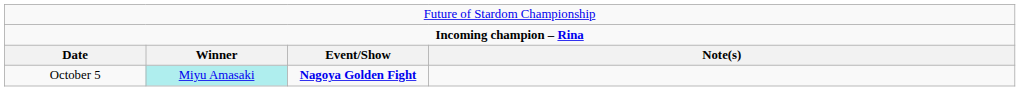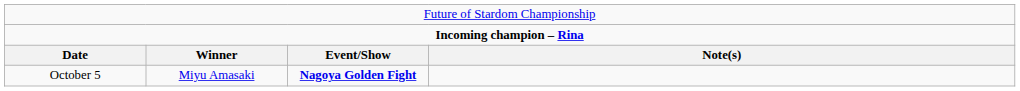 <table class="wikitable" style="text-align:center; width:100%;">
 <tr>
 <td colspan="4" style="text-align: center;"><a href='#'>Future of Stardom Championship</a></td>
 </tr>
 <tr>
 <td colspan="4" style="text-align: center;"><strong>Incoming champion – <a href='#'>Rina</a></strong></td>
 </tr>
 <tr>
 <th width=14%>Date</th>
 <th width=14%>Winner</th>
 <th width=14%>Event/Show</th>
 <th width=58%>Note(s)</th>
 </tr>
 <tr>
 <td>October 5</td>
-<td style="background: paleturquoise;"><a href='#'>Miyu Amasaki</a></td>
+<td><a href='#'>Miyu Amasaki</a></td>
 <td><strong><a href='#'>Nagoya Golden Fight</a></strong></td>
 <td></td>
 </tr>
 </table>
